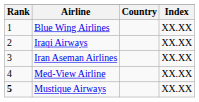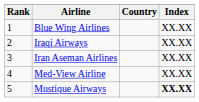 <table class="wikitable" style="margin:1em auto;">
 <tr>
 </tr>
 <tr>
 <th>Rank</th>
 <th>Airline</th>
 <th>Country</th>
 <th>Index</th>
 </tr>
 <tr>
 <td>1</td>
 <td><a href='#'>Blue Wing Airlines</a></td>
 <td></td>
 <td>XX.XX</td>
 </tr>
 <tr>
 <td>2</td>
 <td><a href='#'>Iraqi Airways</a></td>
 <td></td>
 <td>XX.XX</td>
 </tr>
 <tr>
 <td>3</td>
 <td><a href='#'>Iran Aseman Airlines</a></td>
 <td></td>
 <td>XX.XX</td>
 </tr>
 <tr>
 <td>4</td>
 <td><a href='#'>Med-View Airline</a></td>
 <td></td>
 <td>XX.XX</td>
 </tr>
 <tr>
-<td><strong>5</strong></td>
+<td>5</td>
 <td><a href='#'>Mustique Airways</a></td>
 <td></td>
-<td>XX.XX</td>
+<td><strong>XX.XX</strong></td>
 </tr>
 </table>
